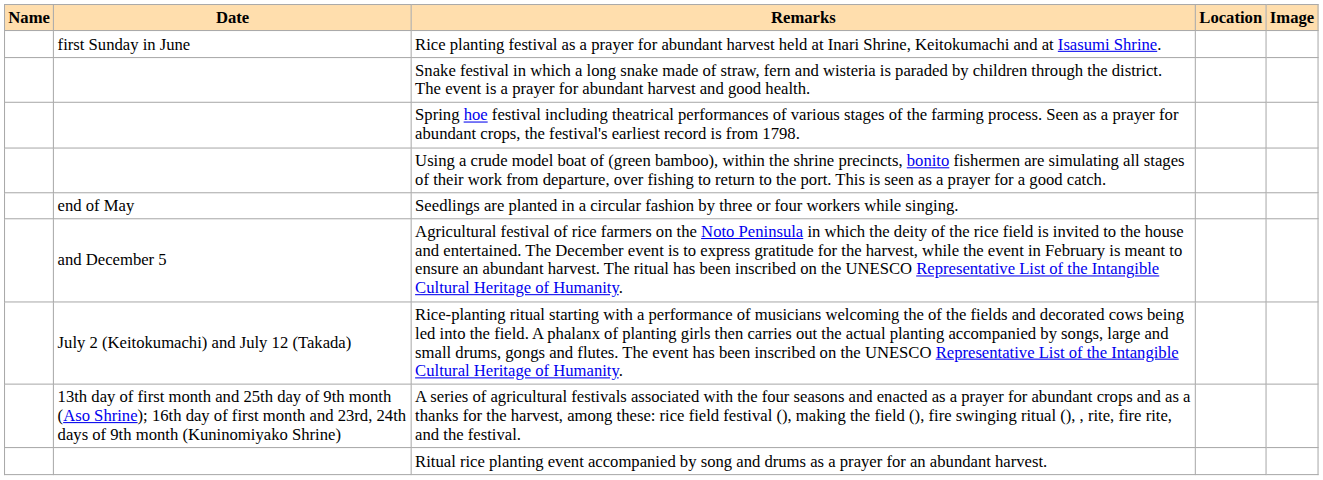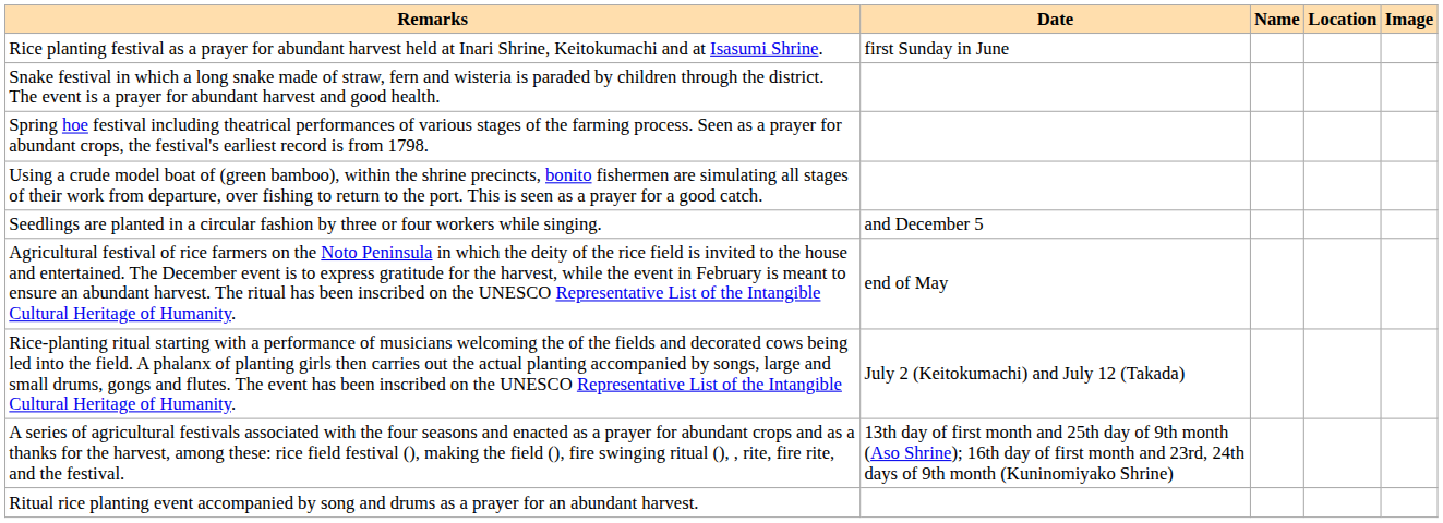 <table class="wikitable sortable" width="100%" style="background:#ffffff;">
 <tr>
+<th align="left" style="background:#ffdead;" class="unsortable">Remarks</th>
+<th align="left" style="background:#ffdead;">Date</th>
 <th align="left" style="background:#ffdead;">Name</th>
-<th align="left" style="background:#ffdead;">Date</th>
-<th align="left" style="background:#ffdead;" class="unsortable">Remarks</th>
 <th style="background:#ffdead;">Location</th>
 <th align="left" style="background:#ffdead;" class="unsortable">Image</th>
 </tr>
 <tr>
+<td>Rice planting festival as a prayer for abundant harvest held at Inari Shrine, Keitokumachi and at <a href='#'>Isasumi Shrine</a>.</td>
+<td>first Sunday in June</td>
 <td></td>
-<td>first Sunday in June</td>
-<td>Rice planting festival as a prayer for abundant harvest held at Inari Shrine, Keitokumachi and at <a href='#'>Isasumi Shrine</a>.</td>
 <td></td>
 <td></td>
 </tr>
 <tr>
+<td>Snake festival in which a  long snake made of straw, fern and wisteria is paraded by children through the district. The event is a prayer for abundant harvest and good health.</td>
 <td></td>
 <td></td>
-<td>Snake festival in which a  long snake made of straw, fern and wisteria is paraded by children through the district. The event is a prayer for abundant harvest and good health.</td>
 <td></td>
 <td></td>
 </tr>
 <tr>
+<td>Spring <a href='#'>hoe</a> festival including theatrical performances of various stages of the farming process. Seen as a prayer for abundant crops, the festival's earliest record is from 1798.</td>
 <td></td>
 <td></td>
-<td>Spring <a href='#'>hoe</a> festival including theatrical performances of various stages of the farming process. Seen as a prayer for abundant crops, the festival's earliest record is from 1798.</td>
 <td></td>
 <td></td>
 </tr>
 <tr>
+<td>Using a crude model boat of  (green bamboo), within the shrine precincts, <a href='#'>bonito</a> fishermen are simulating all stages of their work from departure, over fishing to return to the port. This is seen as a prayer for a good catch.</td>
 <td></td>
 <td></td>
-<td>Using a crude model boat of  (green bamboo), within the shrine precincts, <a href='#'>bonito</a> fishermen are simulating all stages of their work from departure, over fishing to return to the port. This is seen as a prayer for a good catch.</td>
 <td></td>
 <td></td>
 </tr>
 <tr>
+<td>Seedlings are planted in a circular fashion by three or four workers while singing.</td>
+<td> and December 5</td>
 <td></td>
-<td> end of May</td>
-<td>Seedlings are planted in a circular fashion by three or four workers while singing.</td>
 <td></td>
 <td></td>
 </tr>
 <tr>
+<td>Agricultural festival of rice farmers on the <a href='#'>Noto Peninsula</a> in which the deity of the rice field is invited to the house and entertained. The December event is to express gratitude for the harvest, while the event in February is meant to ensure an abundant harvest. The ritual has been inscribed on the UNESCO <a href='#'>Representative List of the Intangible Cultural Heritage of Humanity</a>.</td>
+<td> end of May</td>
 <td></td>
-<td> and December 5</td>
-<td>Agricultural festival of rice farmers on the <a href='#'>Noto Peninsula</a> in which the deity of the rice field is invited to the house and entertained. The December event is to express gratitude for the harvest, while the event in February is meant to ensure an abundant harvest. The ritual has been inscribed on the UNESCO <a href='#'>Representative List of the Intangible Cultural Heritage of Humanity</a>.</td>
 <td></td>
 <td></td>
 </tr>
 <tr>
+<td>Rice-planting ritual starting with a performance of  musicians welcoming the  of the fields and decorated cows being led into the field. A phalanx of planting girls then carries out the actual planting accompanied by  songs, large and small drums, gongs and flutes. The event has been inscribed on the UNESCO <a href='#'>Representative List of the Intangible Cultural Heritage of Humanity</a>.</td>
+<td>July 2 (Keitokumachi) and July 12 (Takada)</td>
 <td></td>
-<td>July 2 (Keitokumachi) and July 12 (Takada)</td>
-<td>Rice-planting ritual starting with a performance of  musicians welcoming the  of the fields and decorated cows being led into the field. A phalanx of planting girls then carries out the actual planting accompanied by  songs, large and small drums, gongs and flutes. The event has been inscribed on the UNESCO <a href='#'>Representative List of the Intangible Cultural Heritage of Humanity</a>.</td>
 <td></td>
 <td></td>
 </tr>
 <tr>
+<td>A series of agricultural festivals associated with the four seasons and enacted as a prayer for abundant crops and as a thanks for the harvest, among these: rice field festival (), making the field (), fire swinging ritual (), ,  rite,  fire rite, and the  festival.</td>
+<td>13th day of first month and 25th day of 9th month (<a href='#'>Aso Shrine</a>); 16th day of first month and 23rd, 24th days of 9th month (Kuninomiyako Shrine)</td>
 <td></td>
-<td>13th day of first month and 25th day of 9th month (<a href='#'>Aso Shrine</a>); 16th day of first month and 23rd, 24th days of 9th month (Kuninomiyako Shrine)</td>
-<td>A series of agricultural festivals associated with the four seasons and enacted as a prayer for abundant crops and as a thanks for the harvest, among these: rice field festival (), making the field (), fire swinging ritual (), ,  rite,  fire rite, and the  festival.</td>
 <td></td>
 <td></td>
 </tr>
 <tr>
+<td>Ritual rice planting event accompanied by song and drums as a prayer for an abundant harvest.</td>
 <td></td>
 <td></td>
-<td>Ritual rice planting event accompanied by song and drums as a prayer for an abundant harvest.</td>
 <td></td>
 <td></td>
 </tr>
 </table>
